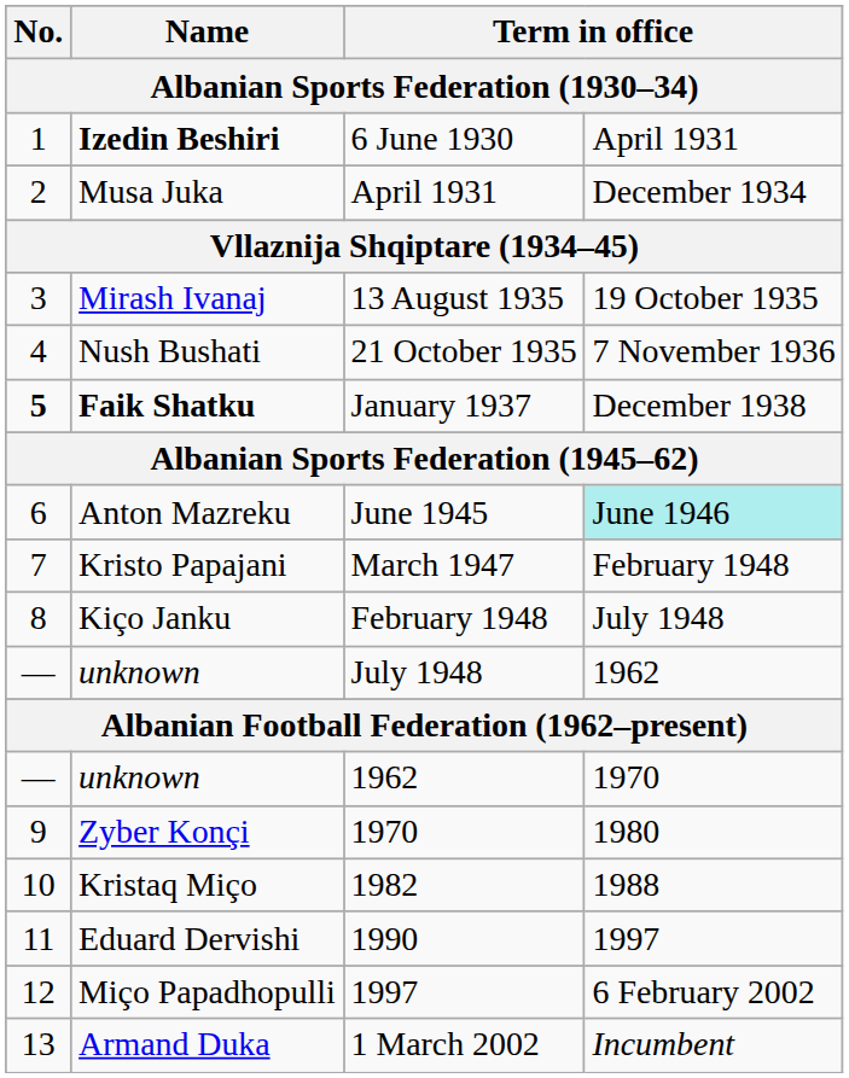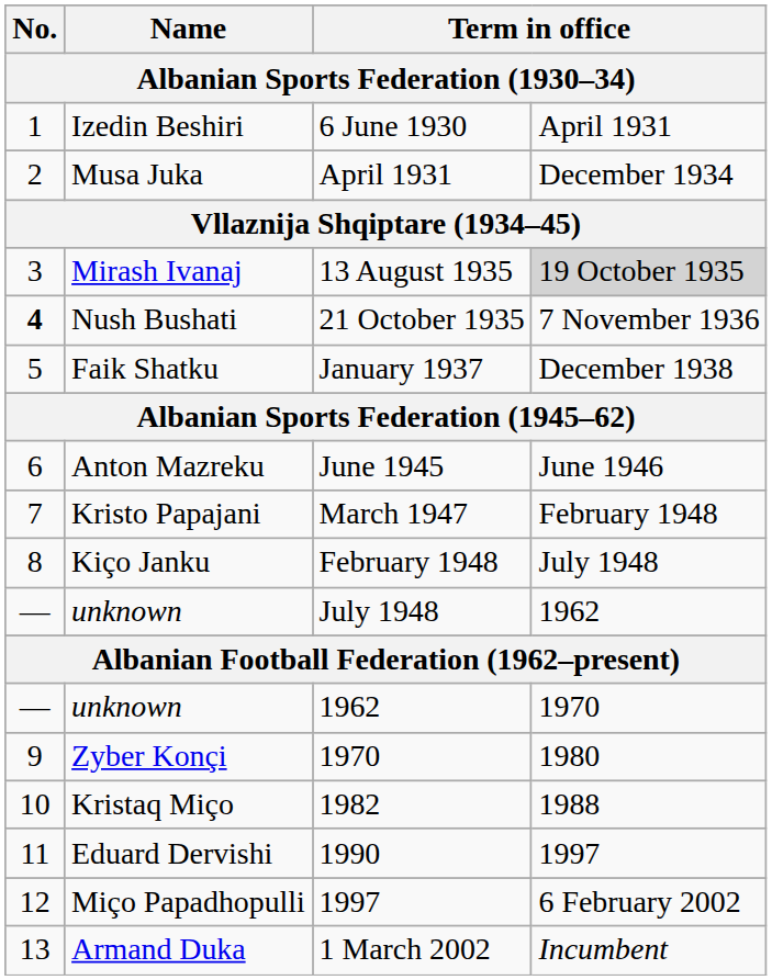 <table class="wikitable">
 <tr>
 <th>No.</th>
 <th>Name</th>
 <th colspan="2">Term in office</th>
 </tr>
 <tr>
 <th colspan="8">Albanian Sports Federation (1930–34)</th>
 </tr>
 <tr>
 <td align="center">1</td>
-<td><strong>Izedin Beshiri</strong></td>
+<td>Izedin Beshiri</td>
 <td>6 June 1930</td>
 <td>April 1931</td>
 </tr>
 <tr>
 <td align="center">2</td>
 <td>Musa Juka</td>
 <td>April 1931</td>
 <td>December 1934</td>
 </tr>
 <tr>
 <th colspan="8">Vllaznija Shqiptare (1934–45)</th>
 </tr>
 <tr>
 <td align="center">3</td>
 <td><a href='#'>Mirash Ivanaj</a></td>
 <td>13 August 1935</td>
-<td>19 October 1935</td>
+<td style="background: lightgrey;">19 October 1935</td>
 </tr>
 <tr>
-<td align="center">4</td>
+<td align="center"><strong>4</strong></td>
 <td>Nush Bushati</td>
 <td>21 October 1935</td>
 <td>7 November 1936</td>
 </tr>
 <tr>
-<td align="center"><strong>5</strong></td>
-<td><strong>Faik Shatku</strong></td>
+<td align="center">5</td>
+<td>Faik Shatku</td>
 <td>January 1937</td>
 <td>December 1938</td>
 </tr>
 <tr>
 <th colspan="8">Albanian Sports Federation (1945–62)</th>
 </tr>
 <tr>
 <td align="center">6</td>
 <td>Anton Mazreku</td>
 <td>June 1945</td>
-<td style="background: paleturquoise;">June 1946</td>
+<td>June 1946</td>
 </tr>
 <tr>
 <td align="center">7</td>
 <td>Kristo Papajani</td>
 <td>March 1947</td>
 <td>February 1948</td>
 </tr>
 <tr>
 <td align="center">8</td>
 <td>Kiço Janku</td>
 <td>February 1948</td>
 <td>July 1948</td>
 </tr>
 <tr>
 <td align="center">—</td>
 <td><em>unknown</em></td>
 <td>July 1948</td>
 <td>1962</td>
 </tr>
 <tr>
 <th colspan="8">Albanian Football Federation (1962–present)</th>
 </tr>
 <tr>
 <td align="center">—</td>
 <td><em>unknown</em></td>
 <td>1962</td>
 <td>1970</td>
 </tr>
 <tr>
 <td align="center">9</td>
 <td><a href='#'>Zyber Konçi</a></td>
 <td>1970</td>
 <td>1980</td>
 </tr>
 <tr>
 <td align="center">10</td>
 <td>Kristaq Miço</td>
 <td>1982</td>
 <td>1988</td>
 </tr>
 <tr>
 <td align="center">11</td>
 <td>Eduard Dervishi</td>
 <td>1990</td>
 <td>1997</td>
 </tr>
 <tr>
 <td align="center">12</td>
 <td>Miço Papadhopulli</td>
 <td>1997</td>
 <td>6 February 2002</td>
 </tr>
 <tr>
 <td align="center">13</td>
 <td><a href='#'>Armand Duka</a></td>
 <td>1 March 2002</td>
 <td><em>Incumbent</em></td>
 </tr>
 </table>
